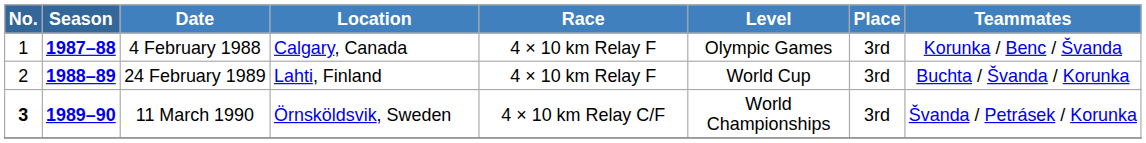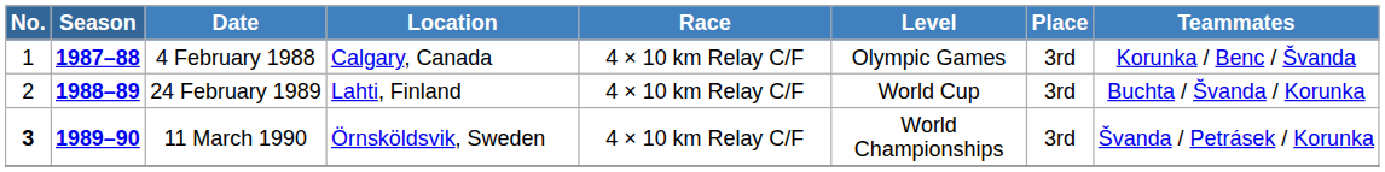 <table class="wikitable sortable" style="font-size:95%; text-align:center; border:grey solid 1px; border-collapse:collapse; background:#ffffff;">
 <tr style="background:#efefef;">
 <th style="background-color:#369; color:white;">No.</th>
 <th style="background-color:#369; color:white;">Season</th>
 <th style="background-color:#4180be; color:white; width:120px;">Date</th>
 <th style="background-color:#4180be; color:white; width:170px;">Location</th>
 <th style="background-color:#4180be; color:white; width:170px;">Race</th>
 <th style="background-color:#4180be; color:white; width:130px;">Level</th>
 <th style="background-color:#4180be; color:white;">Place</th>
 <th style="background-color:#4180be; color:white;">Teammates</th>
 </tr>
 <tr>
 <td align=center>1</td>
 <td rowspan=1 align=center><strong><a href='#'>1987–88</a></strong></td>
 <td>4 February 1988</td>
 <td align=left> <a href='#'>Calgary</a>, Canada</td>
-<td>4 × 10 km Relay F</td>
+<td>4 × 10 km Relay C/F</td>
 <td>Olympic Games</td>
 <td>3rd</td>
 <td><a href='#'>Korunka</a> / <a href='#'>Benc</a> / <a href='#'>Švanda</a></td>
 </tr>
 <tr>
 <td align=center>2</td>
 <td rowspan=1 align=center><strong><a href='#'>1988–89</a></strong></td>
 <td>24 February 1989</td>
 <td align=left> <a href='#'>Lahti</a>, Finland</td>
-<td>4 × 10 km Relay F</td>
+<td>4 × 10 km Relay C/F</td>
 <td>World Cup</td>
 <td>3rd</td>
 <td><a href='#'>Buchta</a> / <a href='#'>Švanda</a> / <a href='#'>Korunka</a></td>
 </tr>
 <tr>
 <td align=center><strong>3</strong></td>
 <td rowspan=1 align=center><strong><a href='#'>1989–90</a></strong></td>
 <td>11 March 1990</td>
 <td align=left> <a href='#'>Örnsköldsvik</a>, Sweden</td>
 <td>4 × 10 km Relay C/F</td>
 <td>World Championships</td>
 <td>3rd</td>
 <td><a href='#'>Švanda</a> / <a href='#'>Petrásek</a> / <a href='#'>Korunka</a></td>
 </tr>
 <tr>
 </tr>
 </table>
